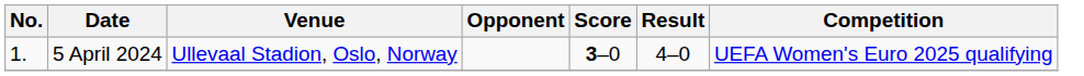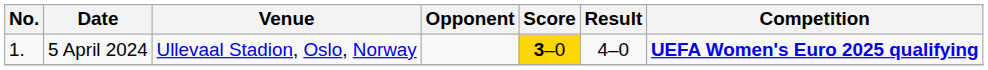 <table class="wikitable">
 <tr>
 <th>No.</th>
 <th>Date</th>
 <th>Venue</th>
 <th>Opponent</th>
 <th>Score</th>
 <th>Result</th>
 <th>Competition</th>
 </tr>
 <tr>
 <td>1.</td>
 <td>5 April 2024</td>
 <td><a href='#'>Ullevaal Stadion</a>, <a href='#'>Oslo</a>, <a href='#'>Norway</a></td>
 <td></td>
-<td align=center><strong>3</strong>–0</td>
+<td align=center style="background: gold;"><strong>3</strong>–0</td>
 <td align=center>4–0</td>
-<td><a href='#'>UEFA Women's Euro 2025 qualifying</a></td>
+<td><strong><a href='#'>UEFA Women's Euro 2025 qualifying</a></strong></td>
 </tr>
 <tr>
 </tr>
 </table>
